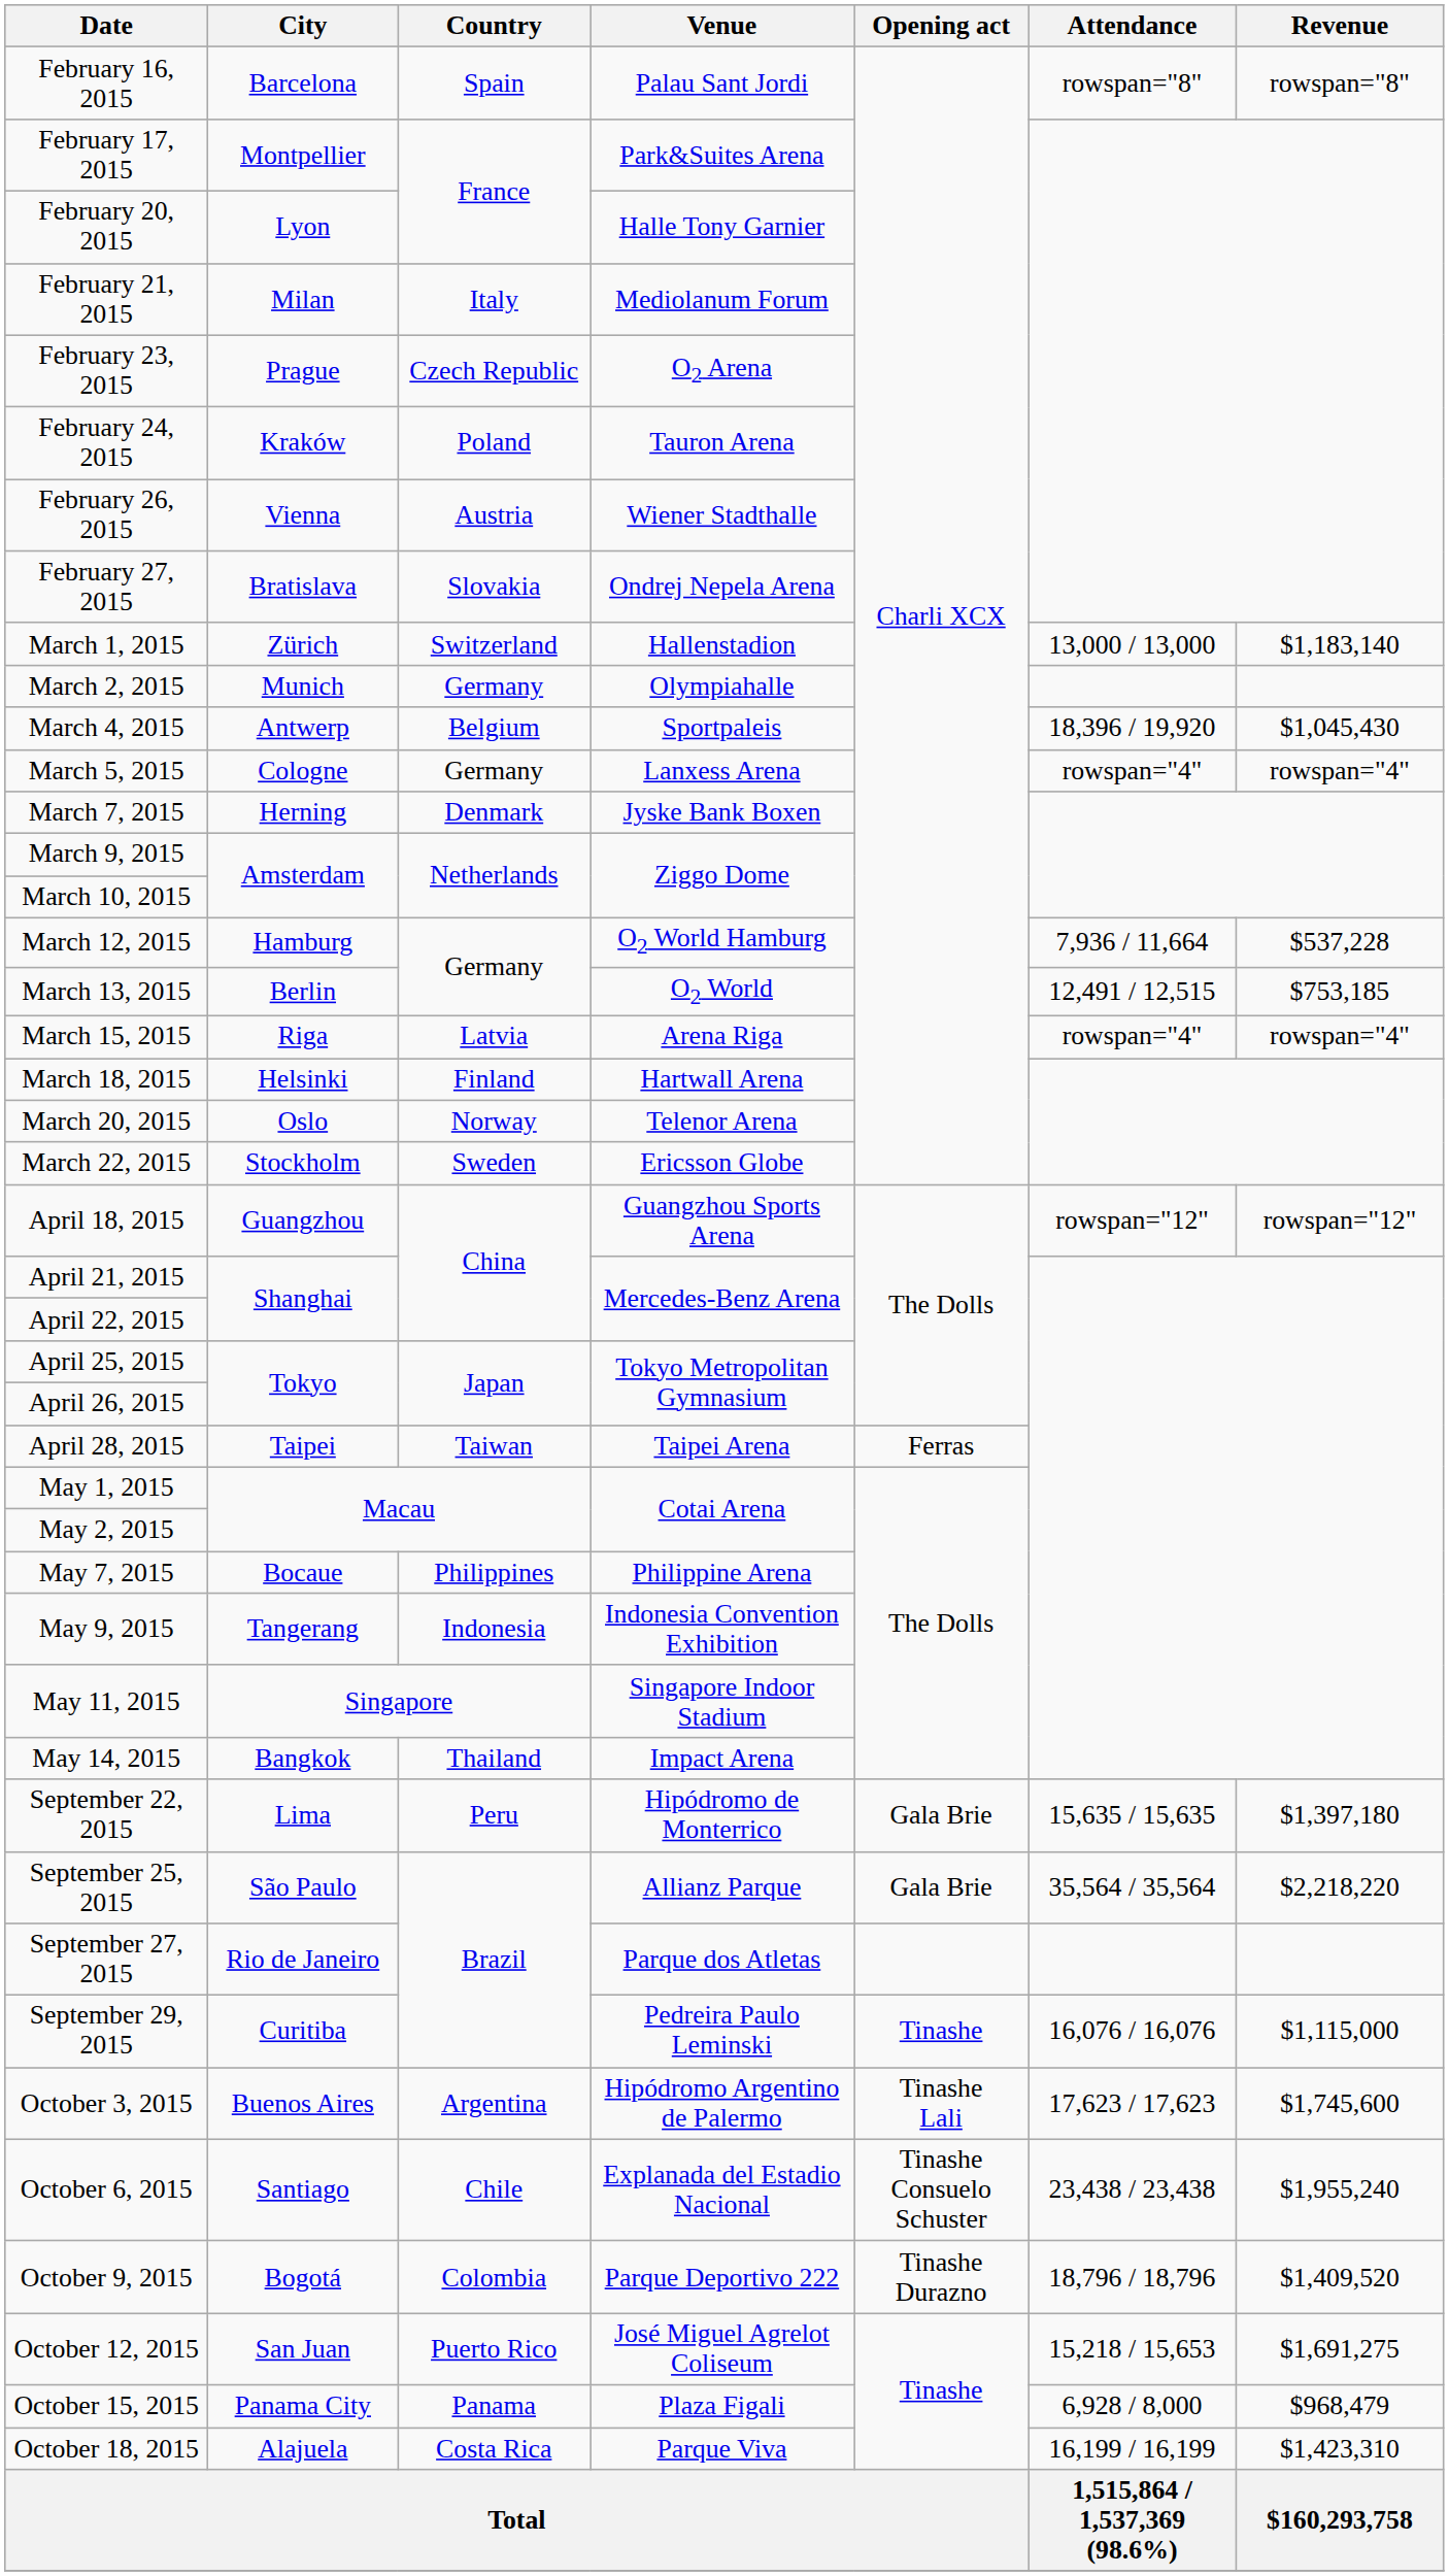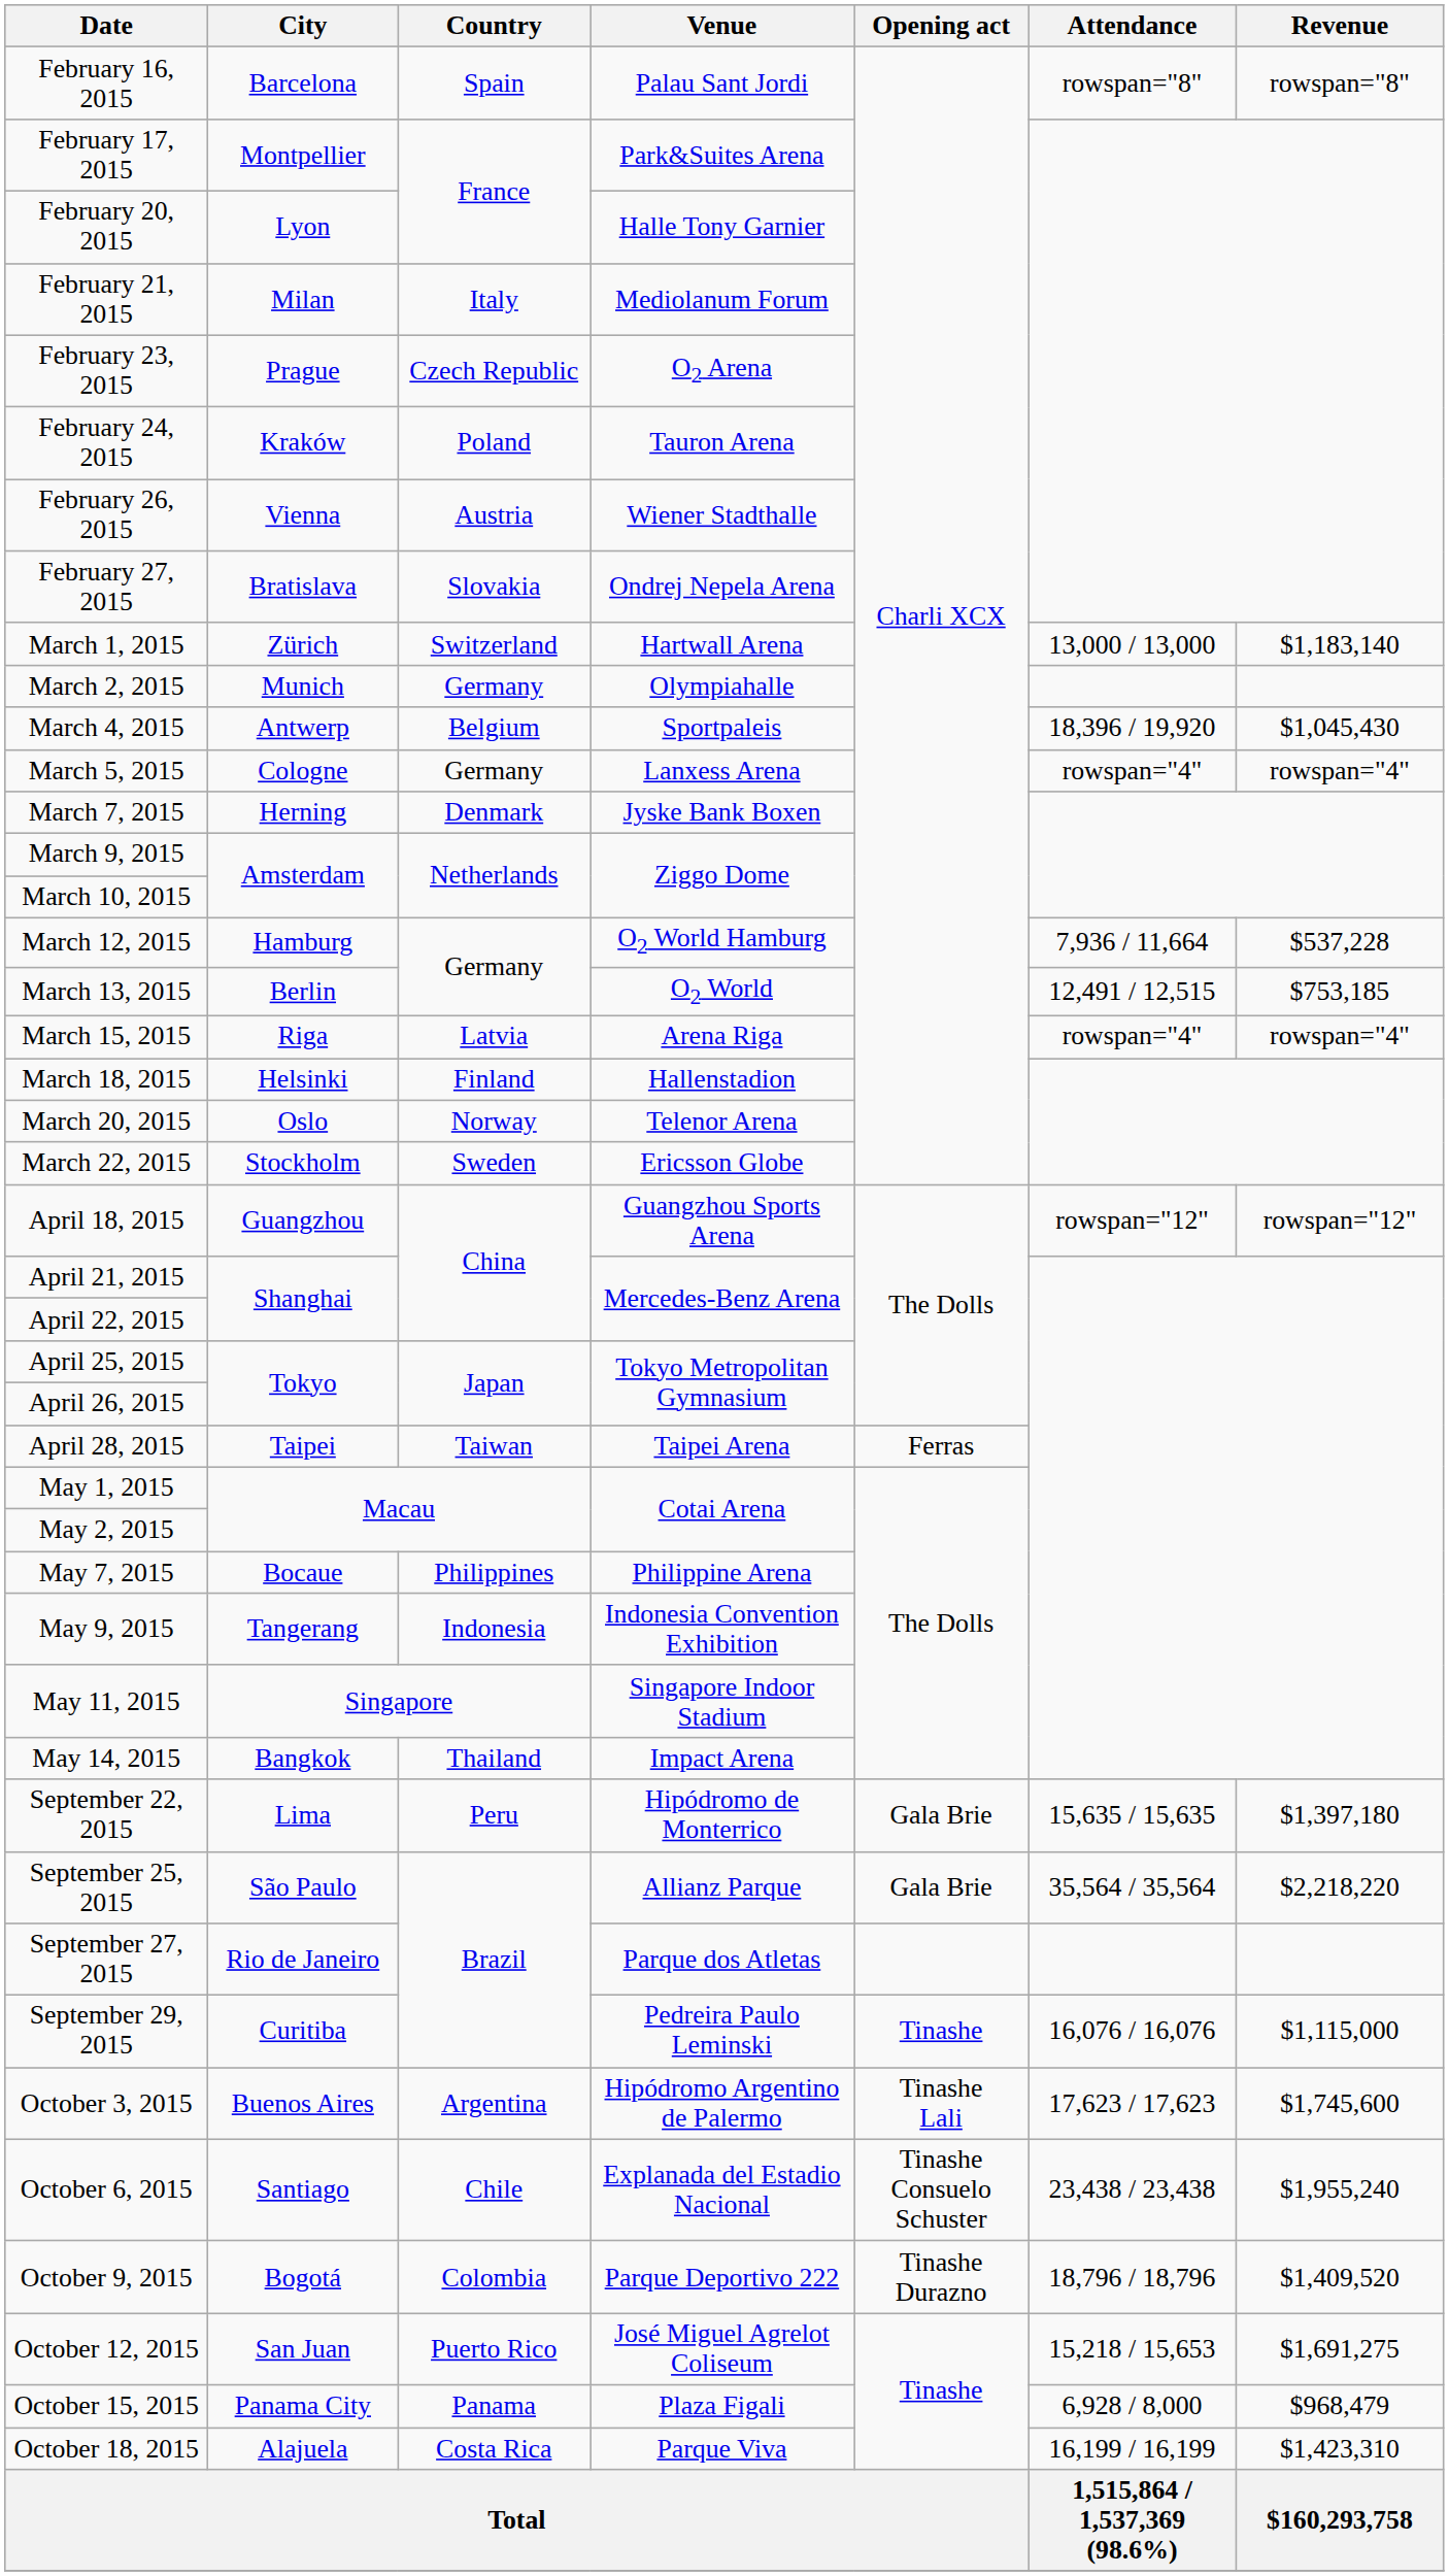 <table class="wikitable" style="text-align:center;">
 <tr>
 <th scope="col" style="width:12em;">Date</th>
 <th scope="col" style="width:10em;">City</th>
 <th scope="col" style="width:10em;">Country</th>
 <th scope="col" style="width:16em;">Venue</th>
 <th scope="col" style="width:10em;">Opening act</th>
 <th scope="col" style="width:10em;">Attendance</th>
 <th scope="col" style="width:10em;">Revenue</th>
 </tr>
 <tr>
 <td>February 16, 2015</td>
 <td><a href='#'>Barcelona</a></td>
 <td><a href='#'>Spain</a></td>
 <td><a href='#'>Palau Sant Jordi</a></td>
 <td rowspan="21"><a href='#'>Charli XCX</a></td>
 <td>rowspan="8" </td>
 <td>rowspan="8" </td>
 </tr>
 <tr>
 <td>February 17, 2015</td>
 <td><a href='#'>Montpellier</a></td>
 <td rowspan="2"><a href='#'>France</a></td>
 <td><a href='#'>Park&Suites Arena</a></td>
 </tr>
 <tr>
 <td>February 20, 2015</td>
 <td><a href='#'>Lyon</a></td>
 <td><a href='#'>Halle Tony Garnier</a></td>
 </tr>
 <tr>
 <td>February 21, 2015</td>
 <td><a href='#'>Milan</a></td>
 <td><a href='#'>Italy</a></td>
 <td><a href='#'>Mediolanum Forum</a></td>
 </tr>
 <tr>
 <td>February 23, 2015</td>
 <td><a href='#'>Prague</a></td>
 <td><a href='#'>Czech Republic</a></td>
 <td><a href='#'>O<sub>2</sub> Arena</a></td>
 </tr>
 <tr>
 <td>February 24, 2015</td>
 <td><a href='#'>Kraków</a></td>
 <td><a href='#'>Poland</a></td>
 <td><a href='#'>Tauron Arena</a></td>
 </tr>
 <tr>
 <td>February 26, 2015</td>
 <td><a href='#'>Vienna</a></td>
 <td><a href='#'>Austria</a></td>
 <td><a href='#'>Wiener Stadthalle</a></td>
 </tr>
 <tr>
 <td>February 27, 2015</td>
 <td><a href='#'>Bratislava</a></td>
 <td><a href='#'>Slovakia</a></td>
 <td><a href='#'>Ondrej Nepela Arena</a></td>
 </tr>
 <tr>
 <td>March 1, 2015</td>
 <td><a href='#'>Zürich</a></td>
 <td><a href='#'>Switzerland</a></td>
-<td><a href='#'>Hallenstadion</a></td>
+<td><a href='#'>Hartwall Arena</a></td>
 <td>13,000 / 13,000</td>
 <td>$1,183,140</td>
 </tr>
 <tr>
 <td>March 2, 2015</td>
 <td><a href='#'>Munich</a></td>
 <td><a href='#'>Germany</a></td>
 <td><a href='#'>Olympiahalle</a></td>
 <td></td>
 <td></td>
 </tr>
 <tr>
 <td>March 4, 2015</td>
 <td><a href='#'>Antwerp</a></td>
 <td><a href='#'>Belgium</a></td>
 <td><a href='#'>Sportpaleis</a></td>
 <td>18,396 / 19,920</td>
 <td>$1,045,430</td>
 </tr>
 <tr>
 <td>March 5, 2015</td>
 <td><a href='#'>Cologne</a></td>
 <td>Germany</td>
 <td><a href='#'>Lanxess Arena</a></td>
 <td>rowspan="4" </td>
 <td>rowspan="4" </td>
 </tr>
 <tr>
 <td>March 7, 2015</td>
 <td><a href='#'>Herning</a></td>
 <td><a href='#'>Denmark</a></td>
 <td><a href='#'>Jyske Bank Boxen</a></td>
 </tr>
 <tr>
 <td>March 9, 2015</td>
 <td rowspan="2"><a href='#'>Amsterdam</a></td>
 <td rowspan="2"><a href='#'>Netherlands</a></td>
 <td rowspan="2"><a href='#'>Ziggo Dome</a></td>
 </tr>
 <tr>
 <td>March 10, 2015</td>
 </tr>
 <tr>
 <td>March 12, 2015</td>
 <td><a href='#'>Hamburg</a></td>
 <td rowspan="2">Germany</td>
 <td><a href='#'>O<sub>2</sub> World Hamburg</a></td>
 <td>7,936 / 11,664</td>
 <td>$537,228</td>
 </tr>
 <tr>
 <td>March 13, 2015</td>
 <td><a href='#'>Berlin</a></td>
 <td><a href='#'>O<sub>2</sub> World</a></td>
 <td>12,491 / 12,515</td>
 <td>$753,185</td>
 </tr>
 <tr>
 <td>March 15, 2015</td>
 <td><a href='#'>Riga</a></td>
 <td><a href='#'>Latvia</a></td>
 <td><a href='#'>Arena Riga</a></td>
 <td>rowspan="4" </td>
 <td>rowspan="4" </td>
 </tr>
 <tr>
 <td>March 18, 2015</td>
 <td><a href='#'>Helsinki</a></td>
 <td><a href='#'>Finland</a></td>
-<td><a href='#'>Hartwall Arena</a></td>
+<td><a href='#'>Hallenstadion</a></td>
 </tr>
 <tr>
 <td>March 20, 2015</td>
 <td><a href='#'>Oslo</a></td>
 <td><a href='#'>Norway</a></td>
 <td><a href='#'>Telenor Arena</a></td>
 </tr>
 <tr>
 <td>March 22, 2015</td>
 <td><a href='#'>Stockholm</a></td>
 <td><a href='#'>Sweden</a></td>
 <td><a href='#'>Ericsson Globe</a></td>
 </tr>
 <tr>
 <td>April 18, 2015</td>
 <td><a href='#'>Guangzhou</a></td>
 <td rowspan="3"><a href='#'>China</a></td>
 <td><a href='#'>Guangzhou Sports Arena</a></td>
 <td rowspan="5">The Dolls</td>
 <td>rowspan="12" </td>
 <td>rowspan="12" </td>
 </tr>
 <tr>
 <td>April 21, 2015</td>
 <td rowspan="2"><a href='#'>Shanghai</a></td>
 <td rowspan="2"><a href='#'>Mercedes-Benz Arena</a></td>
 </tr>
 <tr>
 <td>April 22, 2015</td>
 </tr>
 <tr>
 <td>April 25, 2015</td>
 <td rowspan="2"><a href='#'>Tokyo</a></td>
 <td rowspan="2"><a href='#'>Japan</a></td>
 <td rowspan="2"><a href='#'>Tokyo Metropolitan Gymnasium</a></td>
 </tr>
 <tr>
 <td>April 26, 2015</td>
 </tr>
 <tr>
 <td>April 28, 2015</td>
 <td><a href='#'>Taipei</a></td>
 <td><a href='#'>Taiwan</a></td>
 <td><a href='#'>Taipei Arena</a></td>
 <td>Ferras</td>
 </tr>
 <tr>
 <td>May 1, 2015</td>
 <td rowspan="2" colspan="2"><a href='#'>Macau</a></td>
 <td rowspan="2"><a href='#'>Cotai Arena</a></td>
 <td rowspan="6">The Dolls</td>
 </tr>
 <tr>
 <td>May 2, 2015</td>
 </tr>
 <tr>
 <td>May 7, 2015</td>
 <td><a href='#'>Bocaue</a></td>
 <td><a href='#'>Philippines</a></td>
 <td><a href='#'>Philippine Arena</a></td>
 </tr>
 <tr>
 <td>May 9, 2015</td>
 <td><a href='#'>Tangerang</a></td>
 <td><a href='#'>Indonesia</a></td>
 <td><a href='#'>Indonesia Convention Exhibition</a></td>
 </tr>
 <tr>
 <td>May 11, 2015</td>
 <td colspan="2"><a href='#'>Singapore</a></td>
 <td><a href='#'>Singapore Indoor Stadium</a></td>
 </tr>
 <tr>
 <td>May 14, 2015</td>
 <td><a href='#'>Bangkok</a></td>
 <td><a href='#'>Thailand</a></td>
 <td><a href='#'>Impact Arena</a></td>
 </tr>
 <tr>
 <td>September 22, 2015</td>
 <td><a href='#'>Lima</a></td>
 <td><a href='#'>Peru</a></td>
 <td><a href='#'>Hipódromo de Monterrico</a></td>
 <td>Gala Brie</td>
 <td>15,635 / 15,635</td>
 <td>$1,397,180</td>
 </tr>
 <tr>
 <td>September 25, 2015</td>
 <td><a href='#'>São Paulo</a></td>
 <td rowspan="3"><a href='#'>Brazil</a></td>
 <td><a href='#'>Allianz Parque</a></td>
 <td>Gala Brie</td>
 <td>35,564 / 35,564</td>
 <td>$2,218,220</td>
 </tr>
 <tr>
 <td>September 27, 2015</td>
 <td><a href='#'>Rio de Janeiro</a></td>
 <td><a href='#'>Parque dos Atletas</a></td>
 <td></td>
 <td></td>
 <td></td>
 </tr>
 <tr>
 <td>September 29, 2015</td>
 <td><a href='#'>Curitiba</a></td>
 <td><a href='#'>Pedreira Paulo Leminski</a></td>
 <td><a href='#'>Tinashe</a></td>
 <td>16,076 / 16,076</td>
 <td>$1,115,000</td>
 </tr>
 <tr>
 <td>October 3, 2015</td>
 <td><a href='#'>Buenos Aires</a></td>
 <td><a href='#'>Argentina</a></td>
 <td><a href='#'>Hipódromo Argentino de Palermo</a></td>
 <td>Tinashe<br><a href='#'>Lali</a></td>
 <td>17,623 / 17,623</td>
 <td>$1,745,600</td>
 </tr>
 <tr>
 <td>October 6, 2015</td>
 <td><a href='#'>Santiago</a></td>
 <td><a href='#'>Chile</a></td>
 <td><a href='#'>Explanada del Estadio Nacional</a></td>
 <td>Tinashe<br>Consuelo Schuster</td>
 <td>23,438 / 23,438</td>
 <td>$1,955,240</td>
 </tr>
 <tr>
 <td>October 9, 2015</td>
 <td><a href='#'>Bogotá</a></td>
 <td><a href='#'>Colombia</a></td>
 <td><a href='#'>Parque Deportivo 222</a></td>
 <td>Tinashe<br>Durazno</td>
 <td>18,796 / 18,796</td>
 <td>$1,409,520</td>
 </tr>
 <tr>
 <td>October 12, 2015</td>
 <td><a href='#'>San Juan</a></td>
 <td><a href='#'>Puerto Rico</a></td>
 <td><a href='#'>José Miguel Agrelot Coliseum</a></td>
 <td rowspan="3"><a href='#'>Tinashe</a></td>
 <td>15,218 / 15,653</td>
 <td>$1,691,275</td>
 </tr>
 <tr>
 <td>October 15, 2015</td>
 <td><a href='#'>Panama City</a></td>
 <td><a href='#'>Panama</a></td>
 <td><a href='#'>Plaza Figali</a></td>
 <td>6,928 / 8,000</td>
 <td>$968,479</td>
 </tr>
 <tr>
 <td>October 18, 2015</td>
 <td><a href='#'>Alajuela</a></td>
 <td><a href='#'>Costa Rica</a></td>
 <td><a href='#'>Parque Viva</a></td>
 <td>16,199 / 16,199</td>
 <td>$1,423,310</td>
 </tr>
 <tr>
 <th colspan=5>Total</th>
 <th scope="row" style="text-align:center;">1,515,864 / 1,537,369<br>(98.6%)</th>
 <th scope="row" style="text-align:center;">$160,293,758</th>
 </tr>
 <tr>
 </tr>
 </table>
